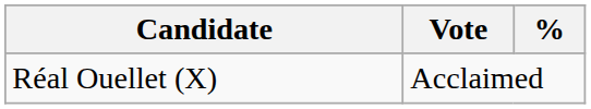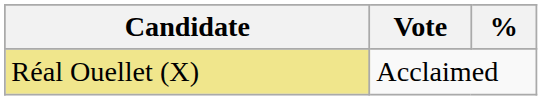 <table class="wikitable">
 <tr>
 <th bgcolor="#DDDDFF" width="200px">Candidate</th>
 <th bgcolor="#DDDDFF" width="50px">Vote</th>
 <th bgcolor="#DDDDFF" width="30px">%</th>
 </tr>
 <tr>
-<td>Réal Ouellet (X)</td>
+<td style="background: khaki;">Réal Ouellet (X)</td>
 <td colspan="2">Acclaimed</td>
 </tr>
 </table>
